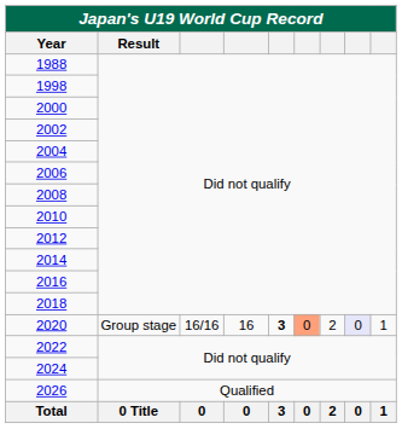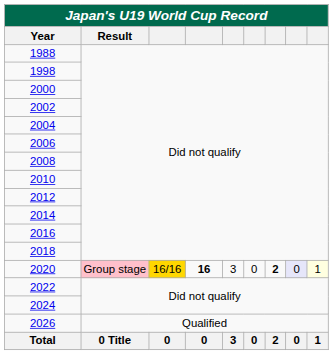 <table class="wikitable" style="font-size:90%; text-align:center">
 <tr>
 <th style="color:white; background:#006A4E;" colspan=9><strong><em><big>Japan's U19 World Cup Record</big></em></strong></th>
 </tr>
 <tr>
 <th width="90">Year</th>
 <th>Result</th>
 <th width="40"></th>
 <th width="40"></th>
 <th width="20"></th>
 <th width="20"></th>
 <th width="20"></th>
 <th width="20"></th>
 <th width="20"></th>
 </tr>
 <tr>
 <td> <a href='#'>1988</a></td>
 <td rowspan=12 colspan=8>Did not qualify</td>
 </tr>
 <tr>
 <td> <a href='#'>1998</a></td>
 </tr>
 <tr>
 <td> <a href='#'>2000</a></td>
 </tr>
 <tr>
 <td> <a href='#'>2002</a></td>
 </tr>
 <tr>
 <td> <a href='#'>2004</a></td>
 </tr>
 <tr>
 <td> <a href='#'>2006</a></td>
 </tr>
 <tr>
 <td> <a href='#'>2008</a></td>
 </tr>
 <tr>
 <td> <a href='#'>2010</a></td>
 </tr>
 <tr>
 <td> <a href='#'>2012</a></td>
 </tr>
 <tr>
 <td> <a href='#'>2014</a></td>
 </tr>
 <tr>
 <td> <a href='#'>2016</a></td>
 </tr>
 <tr>
 <td> <a href='#'>2018</a></td>
 </tr>
 <tr>
 <td> <a href='#'>2020</a></td>
-<td>Group stage</td>
-<td>16/16</td>
-<td>16</td>
-<td><strong>3</strong></td>
-<td style="background: lightsalmon;">0</td>
-<td>2</td>
+<td style="background: pink;">Group stage</td>
+<td style="background: gold;">16/16</td>
+<td><strong>16</strong></td>
+<td>3</td>
+<td>0</td>
+<td><strong>2</strong></td>
 <td style="background: lavender;">0</td>
-<td>1</td>
+<td style="background: lightyellow;">1</td>
 </tr>
 <tr>
 <td> <a href='#'>2022</a></td>
 <td rowspan=2 colspan=8>Did not qualify</td>
 </tr>
 <tr>
 <td> <a href='#'>2024</a></td>
 </tr>
 <tr>
 <td>  <a href='#'>2026</a></td>
 <td colspan=8>Qualified</td>
 </tr>
 <tr>
 <th>Total</th>
 <th>0 Title</th>
 <th>0</th>
 <th>0</th>
 <th>3</th>
 <th>0</th>
 <th>2</th>
 <th>0</th>
 <th>1</th>
 </tr>
 </table>
